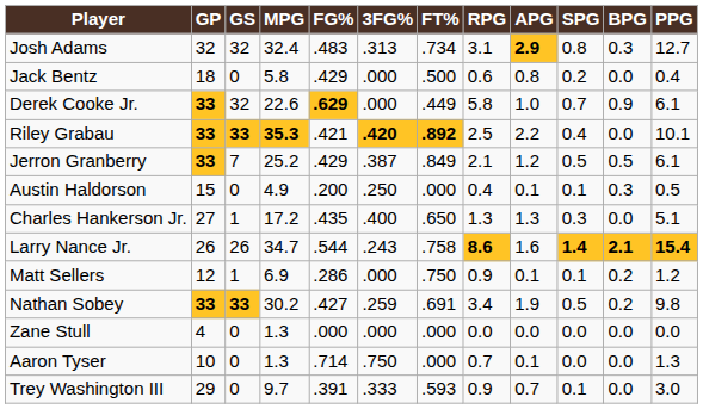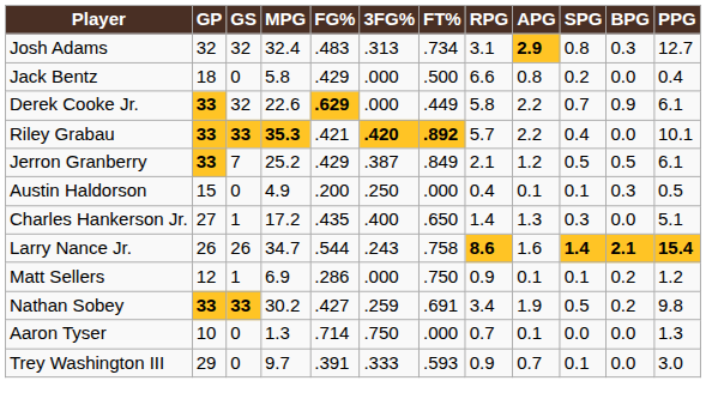 <table class="wikitable sortable">
 <tr>
 <th style="background:#492f24; color:white">Player</th>
 <th style="background:#492f24; color:white">GP</th>
 <th style="background:#492f24; color:white">GS</th>
 <th style="background:#492f24; color:white">MPG</th>
 <th style="background:#492f24; color:white">FG%</th>
 <th style="background:#492f24; color:white">3FG%</th>
 <th style="background:#492f24; color:white">FT%</th>
 <th style="background:#492f24; color:white;">RPG</th>
 <th style="background:#492f24; color:white;">APG</th>
 <th style="background:#492f24; color:white;">SPG</th>
 <th style="background:#492f24; color:white;">BPG</th>
 <th style="background:#492f24; color:white;">PPG</th>
 </tr>
 <tr>
 <td>Josh Adams</td>
 <td>32</td>
 <td>32</td>
 <td>32.4</td>
 <td>.483</td>
 <td>.313</td>
 <td>.734</td>
 <td>3.1</td>
 <td style="background:#ffc425"><strong>2.9</strong></td>
 <td>0.8</td>
 <td>0.3</td>
 <td>12.7</td>
 </tr>
 <tr>
 <td>Jack Bentz</td>
 <td>18</td>
 <td>0</td>
 <td>5.8</td>
 <td>.429</td>
 <td>.000</td>
 <td>.500</td>
-<td>0.6</td>
+<td>6.6</td>
 <td>0.8</td>
 <td>0.2</td>
 <td>0.0</td>
 <td>0.4</td>
 </tr>
 <tr>
 <td>Derek Cooke Jr.</td>
 <td style="background:#ffc425"><strong>33</strong></td>
 <td>32</td>
 <td>22.6</td>
 <td style="background:#ffc425"><strong>.629</strong></td>
 <td>.000</td>
 <td>.449</td>
 <td>5.8</td>
-<td>1.0</td>
+<td>2.2</td>
 <td>0.7</td>
 <td>0.9</td>
 <td>6.1</td>
 </tr>
 <tr>
 <td>Riley Grabau</td>
 <td style="background:#ffc425"><strong>33</strong></td>
 <td style="background:#ffc425"><strong>33</strong></td>
 <td style="background:#ffc425"><strong>35.3</strong></td>
 <td>.421</td>
 <td style="background:#ffc425"><strong>.420</strong></td>
 <td style="background:#ffc425"><strong>.892</strong></td>
-<td>2.5</td>
+<td>5.7</td>
 <td>2.2</td>
 <td>0.4</td>
 <td>0.0</td>
 <td>10.1</td>
 </tr>
 <tr>
 <td>Jerron Granberry</td>
 <td style="background:#ffc425"><strong>33</strong></td>
 <td>7</td>
 <td>25.2</td>
 <td>.429</td>
 <td>.387</td>
 <td>.849</td>
 <td>2.1</td>
 <td>1.2</td>
 <td>0.5</td>
 <td>0.5</td>
 <td>6.1</td>
 </tr>
 <tr>
 <td>Austin Haldorson</td>
 <td>15</td>
 <td>0</td>
 <td>4.9</td>
 <td>.200</td>
 <td>.250</td>
 <td>.000</td>
 <td>0.4</td>
 <td>0.1</td>
 <td>0.1</td>
 <td>0.3</td>
 <td>0.5</td>
 </tr>
 <tr>
 <td>Charles Hankerson Jr.</td>
 <td>27</td>
 <td>1</td>
 <td>17.2</td>
 <td>.435</td>
 <td>.400</td>
 <td>.650</td>
-<td>1.3</td>
+<td>1.4</td>
 <td>1.3</td>
 <td>0.3</td>
 <td>0.0</td>
 <td>5.1</td>
 </tr>
 <tr>
 <td>Larry Nance Jr.</td>
 <td>26</td>
 <td>26</td>
 <td>34.7</td>
 <td>.544</td>
 <td>.243</td>
 <td>.758</td>
 <td style="background:#ffc425"><strong>8.6</strong></td>
 <td>1.6</td>
 <td style="background:#ffc425"><strong>1.4</strong></td>
 <td style="background:#ffc425"><strong>2.1</strong></td>
 <td style="background:#ffc425"><strong>15.4</strong></td>
 </tr>
 <tr>
 <td>Matt Sellers</td>
 <td>12</td>
 <td>1</td>
 <td>6.9</td>
 <td>.286</td>
 <td>.000</td>
 <td>.750</td>
 <td>0.9</td>
 <td>0.1</td>
 <td>0.1</td>
 <td>0.2</td>
 <td>1.2</td>
 </tr>
 <tr>
 <td>Nathan Sobey</td>
 <td style="background:#ffc425"><strong>33</strong></td>
 <td style="background:#ffc425"><strong>33</strong></td>
 <td>30.2</td>
 <td>.427</td>
 <td>.259</td>
 <td>.691</td>
 <td>3.4</td>
 <td>1.9</td>
 <td>0.5</td>
 <td>0.2</td>
 <td>9.8</td>
 </tr>
 <tr>
-<td>Zane Stull</td>
-<td>4</td>
-<td>0</td>
-<td>1.3</td>
-<td>.000</td>
-<td>.000</td>
-<td>.000</td>
-<td>0.0</td>
-<td>0.0</td>
-<td>0.0</td>
-<td>0.0</td>
-<td>0.0</td>
-</tr>
-<tr>
 <td>Aaron Tyser</td>
 <td>10</td>
 <td>0</td>
 <td>1.3</td>
 <td>.714</td>
 <td>.750</td>
 <td>.000</td>
 <td>0.7</td>
 <td>0.1</td>
 <td>0.0</td>
 <td>0.0</td>
 <td>1.3</td>
 </tr>
 <tr>
 <td>Trey Washington III</td>
 <td>29</td>
 <td>0</td>
 <td>9.7</td>
 <td>.391</td>
 <td>.333</td>
 <td>.593</td>
 <td>0.9</td>
 <td>0.7</td>
 <td>0.1</td>
 <td>0.0</td>
 <td>3.0</td>
 </tr>
 </table>
